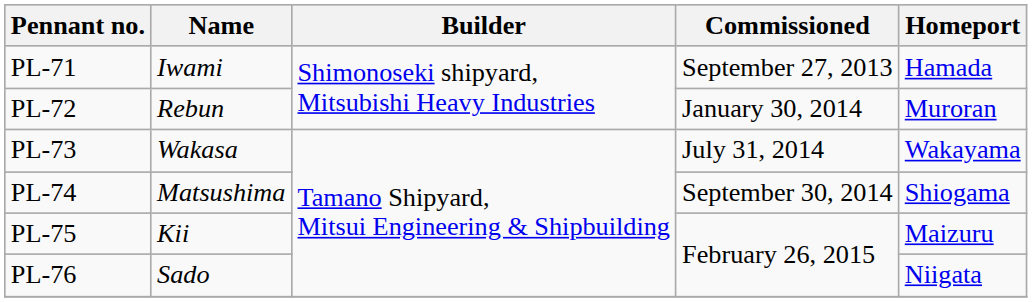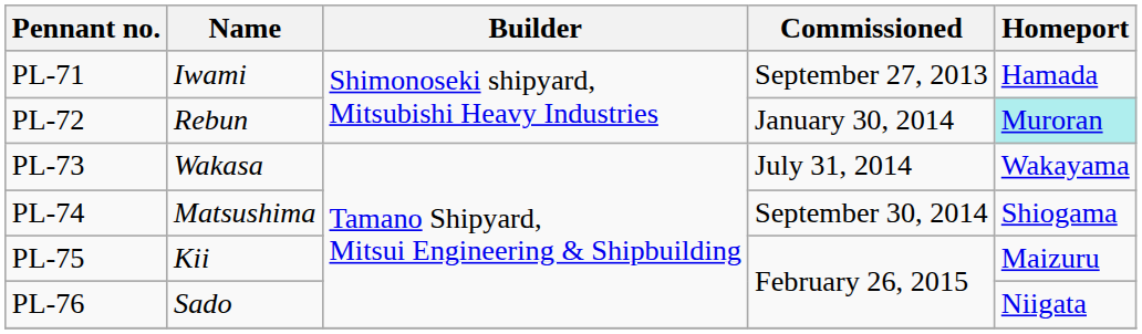 <table class="wikitable">
 <tr>
 <th>Pennant no.</th>
 <th>Name</th>
 <th>Builder</th>
 <th>Commissioned</th>
 <th>Homeport</th>
 </tr>
 <tr>
 <td>PL-71</td>
 <td><em>Iwami</em></td>
 <td rowspan="2"><a href='#'>Shimonoseki</a> shipyard, <br><a href='#'>Mitsubishi Heavy Industries</a></td>
 <td>September 27, 2013</td>
 <td><a href='#'>Hamada</a></td>
 </tr>
 <tr>
 <td>PL-72</td>
 <td><em>Rebun</em></td>
 <td>January 30, 2014</td>
-<td><a href='#'>Muroran</a></td>
+<td style="background: paleturquoise;"><a href='#'>Muroran</a></td>
 </tr>
 <tr>
 <td>PL-73</td>
 <td><em>Wakasa</em></td>
 <td rowspan="4"><a href='#'>Tamano</a> Shipyard, <br><a href='#'>Mitsui Engineering & Shipbuilding</a></td>
 <td>July 31, 2014</td>
 <td><a href='#'>Wakayama</a></td>
 </tr>
 <tr>
 <td>PL-74</td>
 <td><em>Matsushima</em></td>
 <td>September 30, 2014</td>
 <td><a href='#'>Shiogama</a></td>
 </tr>
 <tr>
 <td>PL-75</td>
 <td><em>Kii</em></td>
 <td rowspan="2">February 26, 2015</td>
 <td><a href='#'>Maizuru</a></td>
 </tr>
 <tr>
 <td>PL-76</td>
 <td><em>Sado</em></td>
 <td><a href='#'>Niigata</a></td>
 </tr>
 <tr>
 </tr>
 </table>
